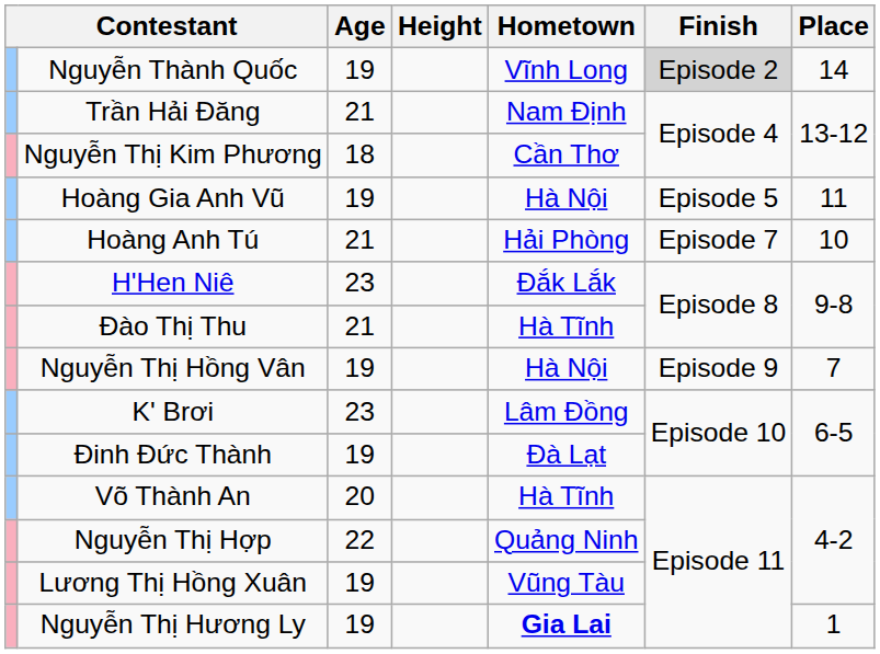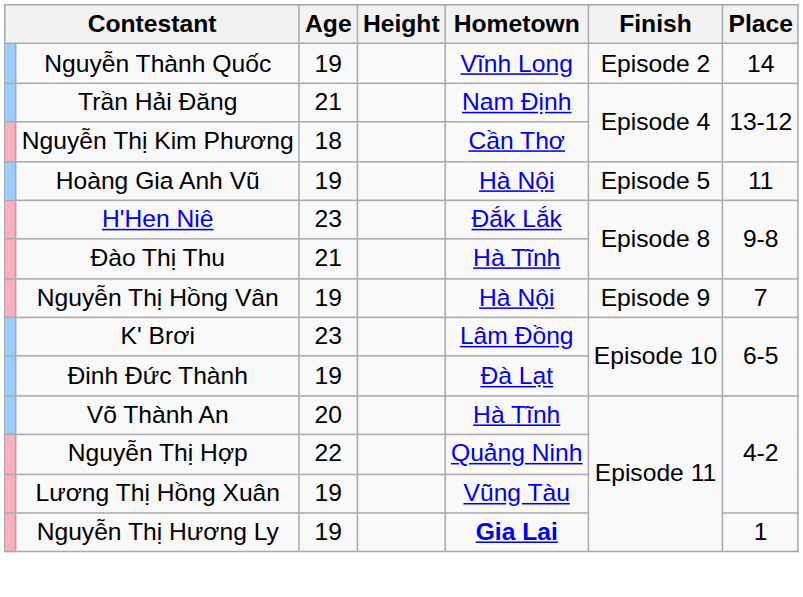 <table class="wikitable sortable" style="text-align:center;">
 <tr>
 <th colspan=2>Contestant</th>
 <th>Age</th>
 <th>Height</th>
 <th>Hometown</th>
 <th>Finish</th>
 <th>Place</th>
 </tr>
 <tr>
 <th style="background:#9cf;"></th>
 <td>Nguyễn Thành Quốc</td>
 <td>19</td>
 <td></td>
 <td><a href='#'>Vĩnh Long</a></td>
-<td style="background: lightgrey;">Episode 2</td>
+<td>Episode 2</td>
 <td>14</td>
 </tr>
 <tr>
 <th style="background:#9cf;"></th>
 <td>Trần Hải Đăng</td>
 <td>21</td>
 <td></td>
 <td><a href='#'>Nam Định</a></td>
 <td rowspan=2>Episode 4</td>
 <td rowspan=2>13-12</td>
 </tr>
 <tr>
 <th style="background:#faafbe"></th>
 <td>Nguyễn Thị Kim Phương</td>
 <td>18</td>
 <td></td>
 <td><a href='#'>Cần Thơ</a></td>
 </tr>
 <tr>
 <th style="background:#9cf;"></th>
 <td>Hoàng Gia Anh Vũ</td>
 <td>19</td>
 <td></td>
 <td><a href='#'>Hà Nội</a></td>
 <td>Episode 5</td>
 <td>11</td>
-</tr>
-<tr>
-<th style="background:#9cf;"></th>
-<td>Hoàng Anh Tú</td>
-<td>21</td>
-<td></td>
-<td><a href='#'>Hải Phòng</a></td>
-<td>Episode 7</td>
-<td>10</td>
 </tr>
 <tr>
 <th style="background:#faafbe"></th>
 <td><a href='#'>H'Hen Niê</a></td>
 <td>23</td>
 <td></td>
 <td><a href='#'>Đắk Lắk</a></td>
 <td rowspan=2>Episode 8</td>
 <td rowspan=2>9-8</td>
 </tr>
 <tr>
 <th style="background:#faafbe"></th>
 <td>Đào Thị Thu</td>
 <td>21</td>
 <td></td>
 <td><a href='#'>Hà Tĩnh</a></td>
 </tr>
 <tr>
 <th style="background:#faafbe"></th>
 <td>Nguyễn Thị Hồng Vân</td>
 <td>19</td>
 <td></td>
 <td><a href='#'>Hà Nội</a></td>
 <td>Episode 9</td>
 <td>7</td>
 </tr>
 <tr>
 <th style="background:#9cf;"></th>
 <td>K' Brơi</td>
 <td>23</td>
 <td></td>
 <td><a href='#'>Lâm Đồng</a></td>
 <td rowspan=2>Episode 10</td>
 <td rowspan=2>6-5</td>
 </tr>
 <tr>
 <th style="background:#9cf;"></th>
 <td>Đinh Đức Thành</td>
 <td>19</td>
 <td></td>
 <td><a href='#'>Đà Lạt</a></td>
 </tr>
 <tr>
 <th style="background:#9cf;"></th>
 <td>Võ Thành An</td>
 <td>20</td>
 <td></td>
 <td><a href='#'>Hà Tĩnh</a></td>
 <td rowspan=4>Episode 11</td>
 <td rowspan=3>4-2</td>
 </tr>
 <tr>
 <th style="background:#faafbe"></th>
 <td>Nguyễn Thị Hợp</td>
 <td>22</td>
 <td></td>
 <td><a href='#'>Quảng Ninh</a></td>
 </tr>
 <tr>
 <th style="background:#faafbe"></th>
 <td>Lương Thị Hồng Xuân</td>
 <td>19</td>
 <td></td>
 <td><a href='#'>Vũng Tàu</a></td>
 </tr>
 <tr>
 <th style="background:#faafbe"></th>
 <td>Nguyễn Thị Hương Ly</td>
 <td>19</td>
 <td></td>
 <td><strong><a href='#'>Gia Lai</a></strong></td>
 <td>1</td>
 </tr>
 </table>
